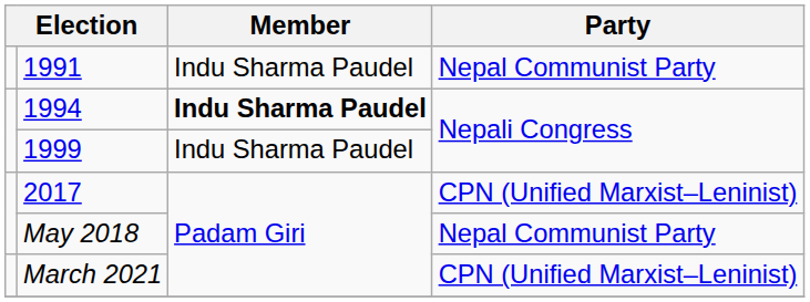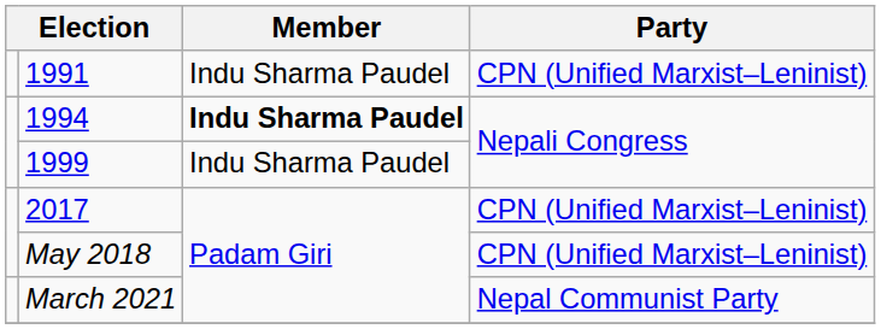 <table class="wikitable">
 <tr>
 <th colspan="2">Election</th>
 <th>Member</th>
 <th>Party</th>
 </tr>
 <tr>
 <td style="background-color:"></td>
 <td><a href='#'>1991</a></td>
 <td>Indu Sharma Paudel</td>
-<td><a href='#'>Nepal Communist Party</a></td>
+<td><a href='#'>CPN (Unified Marxist–Leninist)</a></td>
 </tr>
 <tr>
 <td rowspan="2" style="background-color:"></td>
 <td><a href='#'>1994</a></td>
 <td><strong>Indu Sharma Paudel</strong></td>
 <td rowspan="2"><a href='#'>Nepali Congress</a></td>
 </tr>
 <tr>
 <td><a href='#'>1999</a></td>
 <td>Indu Sharma Paudel</td>
 </tr>
 <tr>
 <td rowspan="2" style="background-color:"></td>
 <td><a href='#'>2017</a></td>
 <td rowspan="3"><a href='#'>Padam Giri</a></td>
 <td><a href='#'>CPN (Unified Marxist–Leninist)</a></td>
 </tr>
 <tr>
 <td><em>May 2018</em></td>
-<td><a href='#'>Nepal Communist Party</a></td>
+<td><a href='#'>CPN (Unified Marxist–Leninist)</a></td>
 </tr>
 <tr>
 <td></td>
 <td><em>March 2021</em></td>
-<td><a href='#'>CPN (Unified Marxist–Leninist)</a></td>
+<td><a href='#'>Nepal Communist Party</a></td>
 </tr>
 <tr>
 </tr>
 </table>
